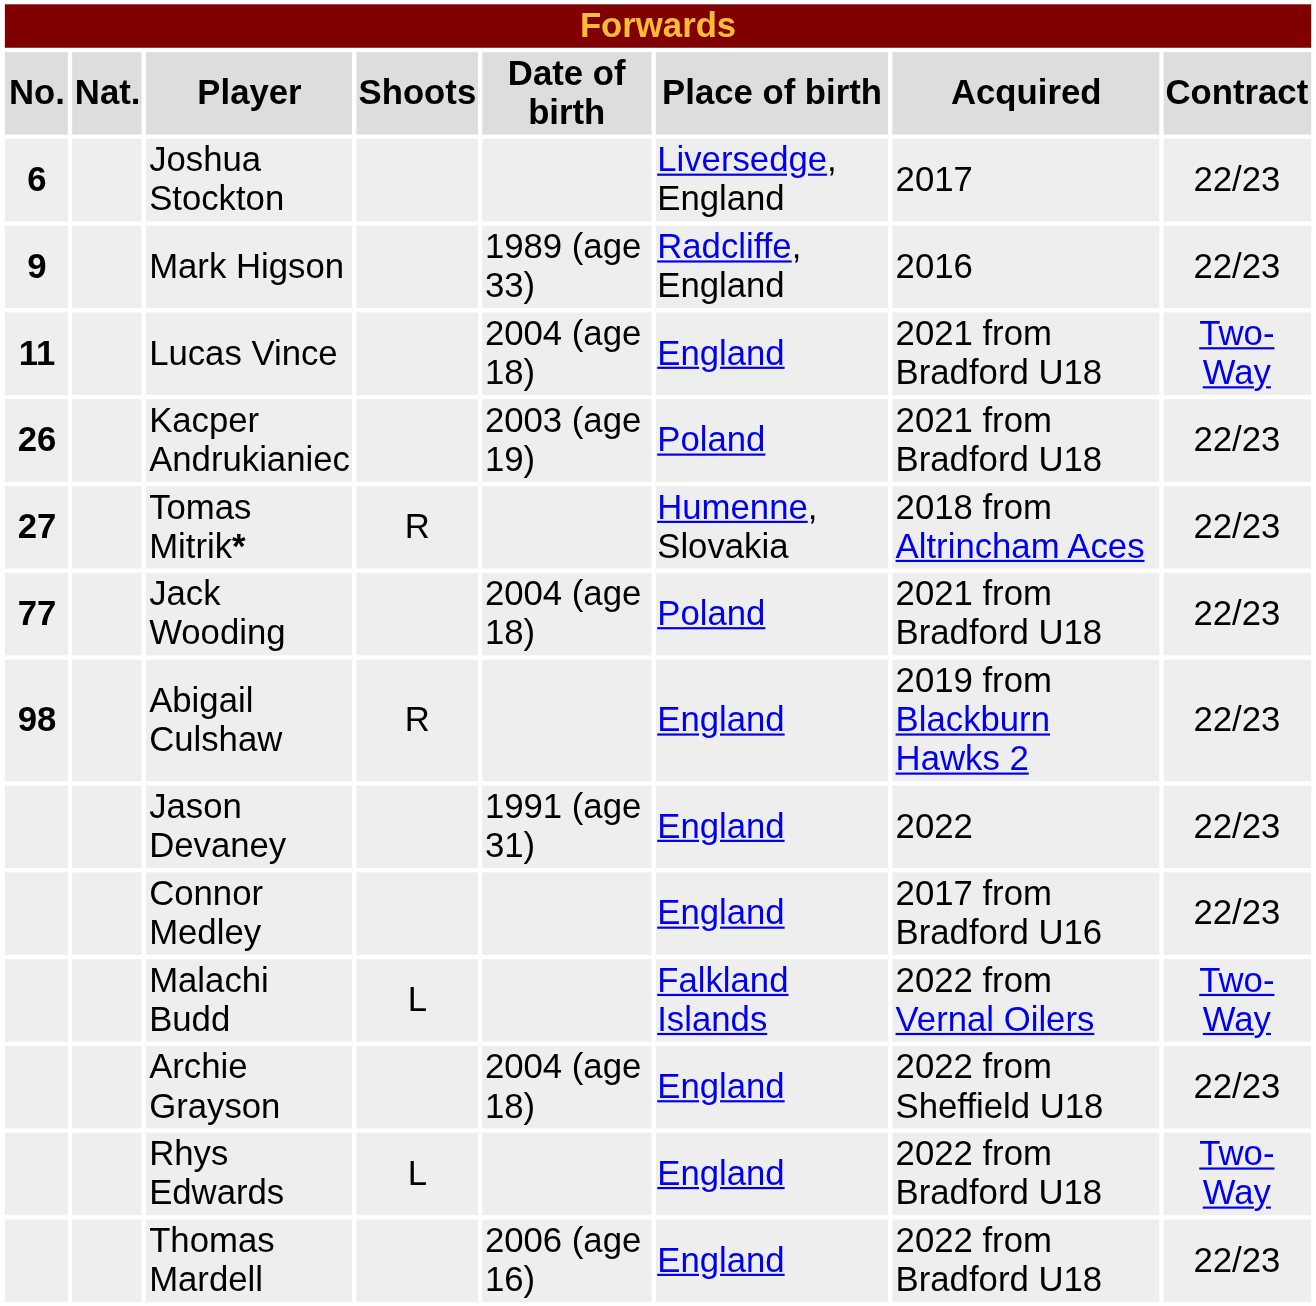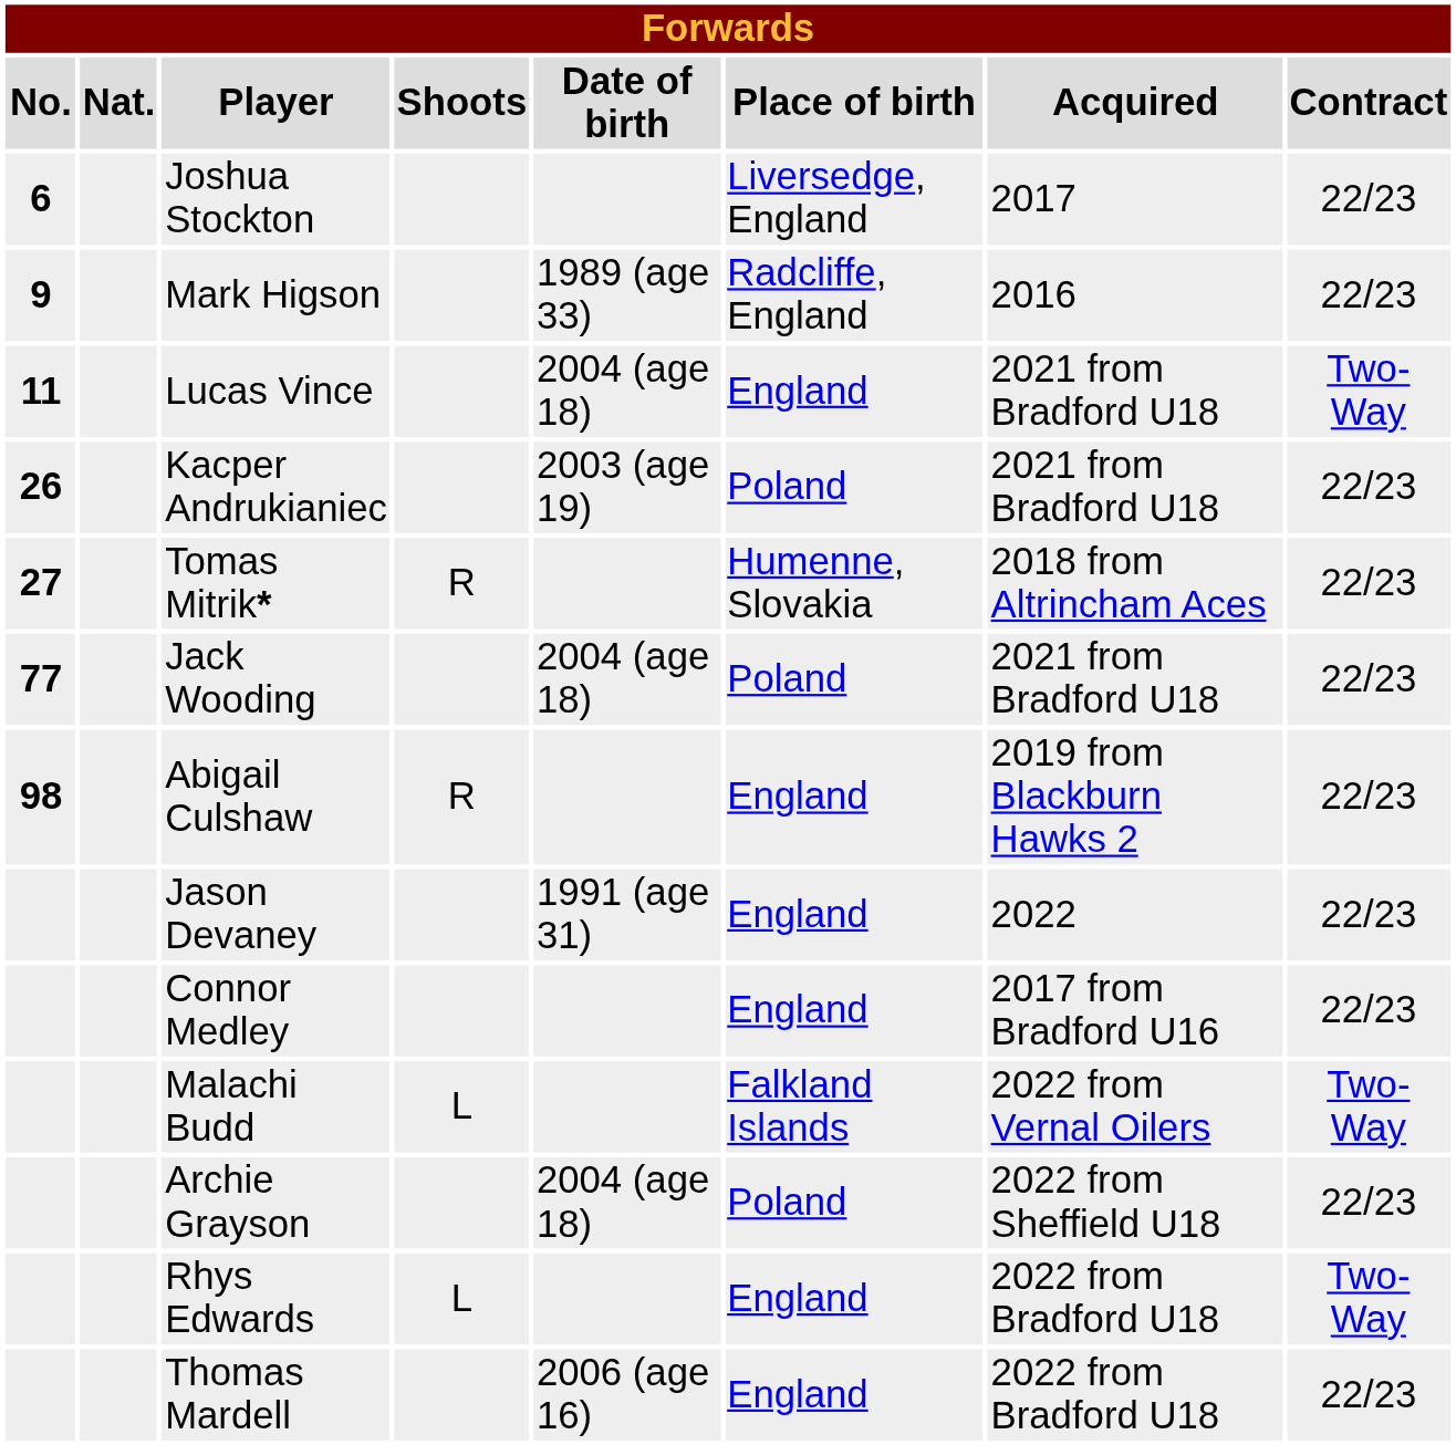 <table class="toccolours"  style="width:97%; clear:both; margin:1.5em auto; text-align:center;">
 <tr style="background:#ddd;">
 <th colspan="11" style="background:maroon; color:#fbbb36;”">Forwards</th>
 </tr>
 <tr style="background:#ddd;">
 <th width=5%>No.</th>
 <th width=5%>Nat.</th>
 <th !width=22%>Player</th>
 <th width=7%>Shoots</th>
 <th width=16%>Date of birth</th>
 <th width=20%>Place of birth</th>
 <th width=24%>Acquired</th>
 <td><strong>Contract</strong></td>
 </tr>
 <tr style="background:#eee;">
 <td><strong>6</strong></td>
 <td></td>
 <td align=left>Joshua Stockton</td>
 <td></td>
 <td align=left></td>
 <td align=left><a href='#'>Liversedge</a>, England</td>
 <td align=left>2017</td>
 <td>22/23</td>
 </tr>
 <tr style="background:#eee;">
 <td><strong>9</strong></td>
 <td></td>
 <td align=left>Mark Higson</td>
 <td></td>
 <td align=left>1989 (age 33)</td>
 <td align=left><a href='#'>Radcliffe</a>, England</td>
 <td align=left>2016</td>
 <td>22/23</td>
 </tr>
 <tr style="background:#eee;">
 <td><strong>11</strong></td>
 <td></td>
 <td align=left>Lucas Vince</td>
 <td></td>
 <td align=left>2004 (age 18)</td>
 <td align=left><a href='#'>England</a></td>
 <td align=left>2021 from Bradford U18</td>
 <td><a href='#'>Two-Way</a></td>
 </tr>
 <tr style="background:#eee;">
 <td><strong>26</strong></td>
 <td></td>
 <td align=left>Kacper Andrukianiec</td>
 <td></td>
 <td align=left>2003 (age 19)</td>
 <td align=left><a href='#'>Poland</a></td>
 <td align=left>2021 from Bradford U18</td>
 <td>22/23</td>
 </tr>
 <tr style="background:#eee;">
 <td><strong>27</strong></td>
 <td></td>
 <td align=left>Tomas Mitrik<strong>*</strong></td>
 <td>R</td>
 <td align=left></td>
 <td align=left><a href='#'>Humenne</a>, Slovakia</td>
 <td align=left>2018 from <a href='#'>Altrincham Aces</a></td>
 <td>22/23</td>
 </tr>
 <tr style="background:#eee;">
 <td><strong>77</strong></td>
 <td></td>
 <td align=left>Jack Wooding</td>
 <td></td>
 <td align=left>2004 (age 18)</td>
 <td align=left><a href='#'>Poland</a></td>
 <td align=left>2021 from Bradford U18</td>
 <td>22/23</td>
 </tr>
 <tr style="background:#eee;">
 <td><strong>98</strong></td>
 <td></td>
 <td align=left>Abigail Culshaw</td>
 <td>R</td>
 <td align=left></td>
 <td align=left><a href='#'>England</a></td>
 <td align=left>2019 from <a href='#'>Blackburn Hawks 2</a></td>
 <td>22/23</td>
 </tr>
 <tr style="background:#eee;">
 <td></td>
 <td></td>
 <td align=left>Jason Devaney</td>
 <td></td>
 <td align=left>1991 (age 31)</td>
 <td align=left><a href='#'>England</a></td>
 <td align=left>2022</td>
 <td>22/23</td>
 </tr>
 <tr style="background:#eee;">
 <td></td>
 <td></td>
 <td align=left>Connor Medley</td>
 <td></td>
 <td align=left></td>
 <td align=left><a href='#'>England</a></td>
 <td align=left>2017 from Bradford U16</td>
 <td>22/23</td>
 </tr>
 <tr style="background:#eee;">
 <td></td>
 <td></td>
 <td align=left>Malachi Budd</td>
 <td>L</td>
 <td align=left></td>
 <td align=left><a href='#'>Falkland Islands</a></td>
 <td align=left>2022 from <a href='#'>Vernal Oilers</a></td>
 <td><a href='#'>Two-Way</a></td>
 </tr>
 <tr style="background:#eee;">
 <td></td>
 <td></td>
 <td align=left>Archie Grayson</td>
 <td></td>
 <td align=left>2004 (age 18)</td>
-<td align=left><a href='#'>England</a></td>
+<td align=left><a href='#'>Poland</a></td>
 <td align=left>2022 from Sheffield U18</td>
 <td>22/23</td>
 </tr>
 <tr style="background:#eee;">
 <td></td>
 <td></td>
 <td align=left>Rhys Edwards</td>
 <td>L</td>
 <td align=left></td>
 <td align=left><a href='#'>England</a></td>
 <td align=left>2022 from Bradford U18</td>
 <td><a href='#'>Two-Way</a></td>
 </tr>
 <tr style="background:#eee;">
 <td></td>
 <td></td>
 <td align=left>Thomas Mardell</td>
 <td></td>
 <td align=left>2006 (age 16)</td>
 <td align=left><a href='#'>England</a></td>
 <td align=left>2022 from Bradford U18</td>
 <td>22/23</td>
 </tr>
 </table>
